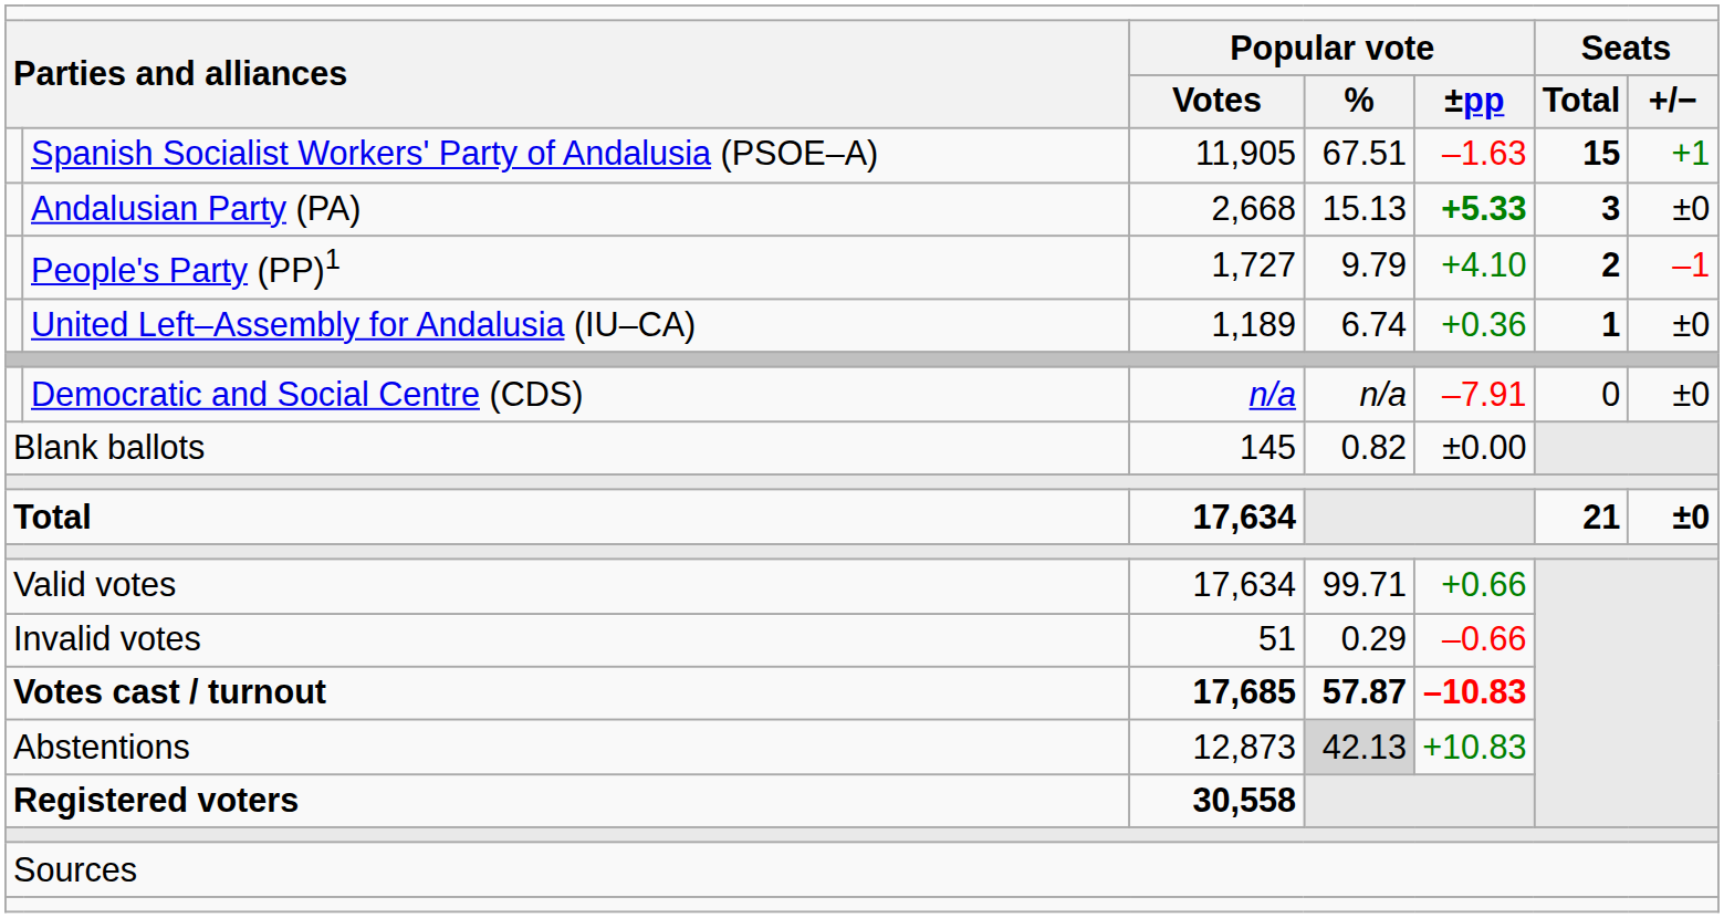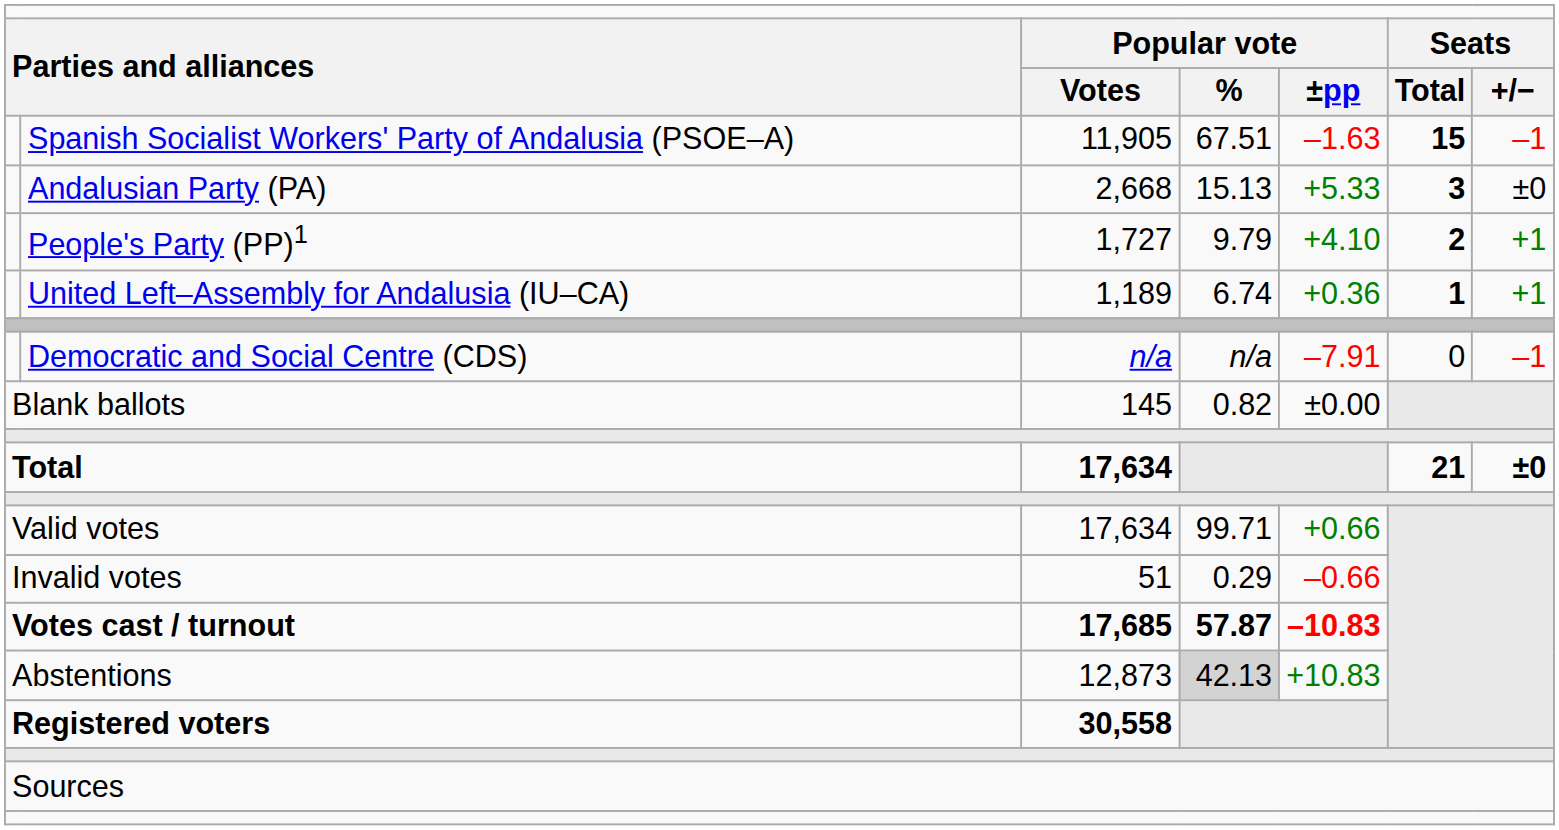 <table class="wikitable" style="text-align:right;">
 <tr>
 <td colspan="7"></td>
 </tr>
 <tr>
 <th style="text-align:left;" rowspan="2" colspan="2" width="525">Parties and alliances</th>
 <th colspan="3">Popular vote</th>
 <th colspan="2">Seats</th>
 </tr>
 <tr>
 <th width="75">Votes</th>
 <th width="45">%</th>
 <th width="45">±<a href='#'>pp</a></th>
 <th width="35">Total</th>
 <th width="35">+/−</th>
 </tr>
 <tr>
 <td width="1" style="color:inherit;background:"></td>
 <td align="left"><a href='#'>Spanish Socialist Workers' Party of Andalusia</a> (PSOE–A)</td>
 <td>11,905</td>
 <td>67.51</td>
 <td style="color:red;">–1.63</td>
 <td><strong>15</strong></td>
-<td style="color:green;">+1</td>
+<td style="color:red;">–1</td>
 </tr>
 <tr>
 <td style="color:inherit;background:"></td>
 <td align="left"><a href='#'>Andalusian Party</a> (PA)</td>
 <td>2,668</td>
 <td>15.13</td>
-<td style="color:green;"><strong>+5.33</strong></td>
+<td style="color:green;">+5.33</td>
 <td><strong>3</strong></td>
 <td>±0</td>
 </tr>
 <tr>
 <td style="color:inherit;background:"></td>
 <td align="left"><a href='#'>People's Party</a> (PP)<sup>1</sup></td>
 <td>1,727</td>
 <td>9.79</td>
 <td style="color:green;">+4.10</td>
 <td><strong>2</strong></td>
-<td style="color:red;">–1</td>
+<td style="color:green;">+1</td>
 </tr>
 <tr>
 <td style="color:inherit;background:"></td>
 <td align="left"><a href='#'>United Left–Assembly for Andalusia</a> (IU–CA)</td>
 <td>1,189</td>
 <td>6.74</td>
 <td style="color:green;">+0.36</td>
 <td><strong>1</strong></td>
-<td>±0</td>
+<td style="color:green;">+1</td>
 </tr>
 <tr>
 <td colspan="7" bgcolor="#C0C0C0"></td>
 </tr>
 <tr>
 <td style="color:inherit;background:"></td>
 <td align="left"><a href='#'>Democratic and Social Centre</a> (CDS)</td>
 <td><em><a href='#'>n/a</a></em></td>
 <td><em>n/a</em></td>
 <td style="color:red;">–7.91</td>
 <td>0</td>
-<td>±0</td>
+<td style="color:red;">–1</td>
 </tr>
 <tr>
 <td align="left" colspan="2">Blank ballots</td>
 <td>145</td>
 <td>0.82</td>
 <td>±0.00</td>
 <td bgcolor="#E9E9E9" colspan="2"></td>
 </tr>
 <tr>
 <td colspan="7" bgcolor="#E9E9E9"></td>
 </tr>
 <tr style="font-weight:bold;">
 <td align="left" colspan="2">Total</td>
 <td>17,634</td>
 <td bgcolor="#E9E9E9" colspan="2"></td>
 <td>21</td>
 <td>±0</td>
 </tr>
 <tr>
 <td colspan="7" bgcolor="#E9E9E9"></td>
 </tr>
 <tr>
 <td align="left" colspan="2">Valid votes</td>
 <td>17,634</td>
 <td>99.71</td>
 <td style="color:green;">+0.66</td>
 <td bgcolor="#E9E9E9" colspan="2" rowspan="5"></td>
 </tr>
 <tr>
 <td align="left" colspan="2">Invalid votes</td>
 <td>51</td>
 <td>0.29</td>
 <td style="color:red;">–0.66</td>
 </tr>
 <tr style="font-weight:bold;">
 <td align="left" colspan="2">Votes cast / turnout</td>
 <td>17,685</td>
 <td>57.87</td>
 <td style="color:red;">–10.83</td>
 </tr>
 <tr>
 <td align="left" colspan="2">Abstentions</td>
 <td>12,873</td>
 <td style="background: lightgrey;">42.13</td>
 <td style="color:green;">+10.83</td>
 </tr>
 <tr style="font-weight:bold;">
 <td align="left" colspan="2">Registered voters</td>
 <td>30,558</td>
 <td bgcolor="#E9E9E9" colspan="2"></td>
 </tr>
 <tr>
 <td colspan="7" bgcolor="#E9E9E9"></td>
 </tr>
 <tr>
 <td align="left" colspan="7">Sources</td>
 </tr>
 <tr>
 <td colspan="7" style="text-align:left; max-width:790px;"></td>
 </tr>
 </table>
